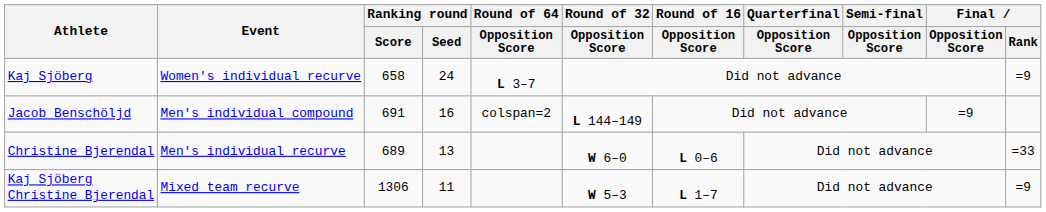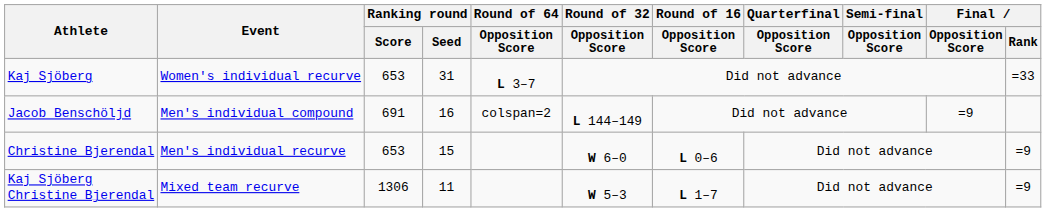 <table class=wikitable style=font-size:90%;text-align:center>
 <tr>
 <th rowspan=2>Athlete</th>
 <th rowspan=2>Event</th>
 <th colspan=2>Ranking round</th>
 <th>Round of 64</th>
 <th>Round of 32</th>
 <th>Round of 16</th>
 <th>Quarterfinal</th>
 <th>Semi-final</th>
 <th colspan=2>Final / </th>
 </tr>
 <tr style=font-size:95%>
 <th>Score</th>
 <th>Seed</th>
 <th>Opposition<br>Score</th>
 <th>Opposition<br>Score</th>
 <th>Opposition<br>Score</th>
 <th>Opposition<br>Score</th>
 <th>Opposition<br>Score</th>
 <th>Opposition<br>Score</th>
 <th>Rank</th>
 </tr>
 <tr>
 <td align=left><a href='#'>Kaj Sjöberg</a></td>
 <td align=left><a href='#'>Women's individual recurve</a></td>
-<td>658</td>
-<td>24</td>
+<td>653</td>
+<td>31</td>
 <td><br><strong>L</strong> 3–7</td>
 <td colspan=5>Did not advance</td>
-<td>=9</td>
+<td>=33</td>
 </tr>
 <tr>
 <td align=left><a href='#'>Jacob Benschöljd</a></td>
 <td align=left><a href='#'>Men's individual compound</a></td>
 <td>691</td>
 <td>16</td>
 <td>colspan=2 </td>
 <td><br><strong>L</strong> 144–149</td>
 <td colspan=3>Did not advance</td>
 <td>=9</td>
 </tr>
 <tr>
 <td align=left><a href='#'>Christine Bjerendal</a></td>
 <td align=left><a href='#'>Men's individual recurve</a></td>
-<td>689</td>
-<td>13</td>
+<td>653</td>
+<td>15</td>
 <td></td>
 <td><br><strong>W</strong> 6–0</td>
 <td><br><strong>L</strong> 0–6</td>
 <td colspan=3>Did not advance</td>
-<td>=33</td>
+<td>=9</td>
 </tr>
 <tr>
 <td align=left><a href='#'>Kaj Sjöberg</a><br><a href='#'>Christine Bjerendal</a></td>
 <td align=left><a href='#'>Mixed team recurve</a></td>
 <td>1306</td>
 <td>11</td>
 <td></td>
 <td><br><strong>W</strong> 5–3</td>
 <td><br><strong>L</strong> 1–7</td>
 <td colspan=3>Did not advance</td>
 <td>=9</td>
 </tr>
 </table>
